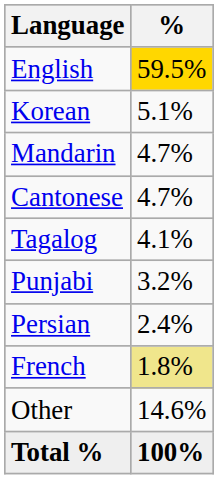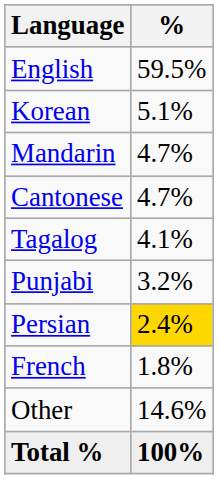 <table class="wikitable">
 <tr>
 <th>Language</th>
 <th>%</th>
 </tr>
 <tr>
 <td><a href='#'>English</a></td>
-<td style="background: gold;">59.5%</td>
+<td>59.5%</td>
 </tr>
 <tr>
 <td><a href='#'>Korean</a></td>
 <td>5.1%</td>
 </tr>
 <tr>
 <td><a href='#'>Mandarin</a></td>
 <td>4.7%</td>
 </tr>
 <tr>
 <td><a href='#'>Cantonese</a></td>
 <td>4.7%</td>
 </tr>
 <tr>
 <td><a href='#'>Tagalog</a></td>
 <td>4.1%</td>
 </tr>
 <tr>
 <td><a href='#'>Punjabi</a></td>
 <td>3.2%</td>
 </tr>
 <tr>
 <td><a href='#'>Persian</a></td>
-<td>2.4%</td>
+<td style="background: gold;">2.4%</td>
 </tr>
 <tr>
 <td><a href='#'>French</a></td>
-<td style="background: khaki;">1.8%</td>
+<td>1.8%</td>
 </tr>
 <tr>
 <td>Other</td>
 <td>14.6%</td>
 </tr>
 <tr style="background:#efefef; font-weight:bold">
 <td>Total %</td>
 <td>100%</td>
 </tr>
 </table>
